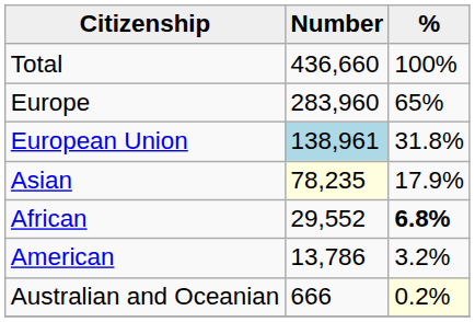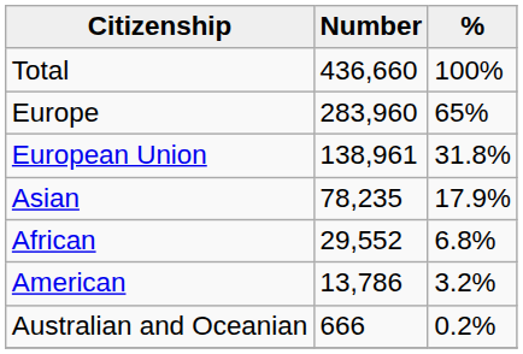 <table class="wikitable">
 <tr>
 <th style="background:#efefef;">Citizenship</th>
 <th style="background:#efefef;">Number</th>
 <th style="background:#efefef;">%</th>
 </tr>
 <tr>
 <td>Total</td>
 <td>436,660</td>
 <td>100%</td>
 </tr>
 <tr>
 <td>Europe</td>
 <td>283,960</td>
 <td>65%</td>
 </tr>
 <tr>
 <td><a href='#'>European Union</a></td>
-<td style="background: lightblue;">138,961</td>
+<td>138,961</td>
 <td>31.8%</td>
 </tr>
 <tr>
 <td><a href='#'>Asian</a></td>
-<td style="background: lightyellow;">78,235</td>
+<td>78,235</td>
 <td>17.9%</td>
 </tr>
 <tr>
 <td><a href='#'>African</a></td>
 <td>29,552</td>
-<td><strong>6.8%</strong></td>
+<td>6.8%</td>
 </tr>
 <tr>
 <td><a href='#'>American</a></td>
 <td>13,786</td>
 <td>3.2%</td>
 </tr>
 <tr>
 <td>Australian and Oceanian</td>
 <td>666</td>
-<td style="background: lightyellow;">0.2%</td>
+<td>0.2%</td>
 </tr>
 <tr>
 </tr>
 </table>
